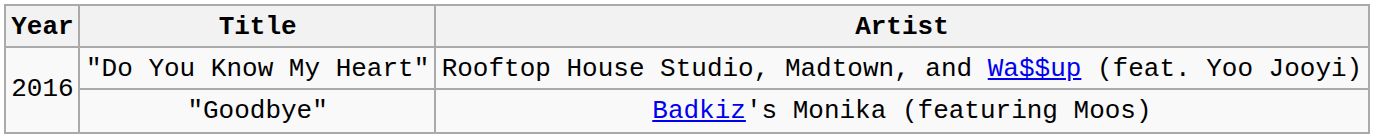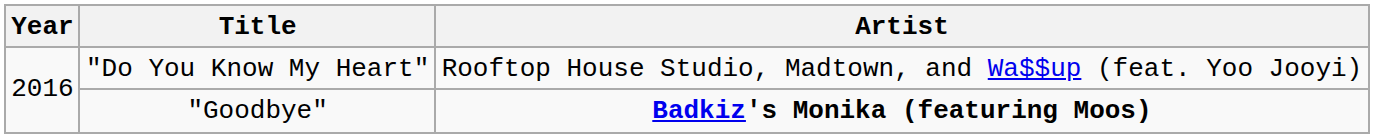 <table class="wikitable" style="text-align:center; table-layout:fixed; margin-right:0;">
 <tr>
 <th>Year</th>
 <th>Title</th>
 <th>Artist</th>
 </tr>
 <tr>
 <td rowspan="2">2016</td>
 <td>"Do You Know My Heart"</td>
 <td>Rooftop House Studio, Madtown, and <a href='#'>Wa$$up</a> (feat. Yoo Jooyi)</td>
 </tr>
 <tr>
 <td>"Goodbye"</td>
-<td><a href='#'>Badkiz</a>'s Monika (featuring Moos)</td>
+<td><strong><a href='#'>Badkiz</a>'s Monika (featuring Moos)</strong></td>
 </tr>
 </table>
